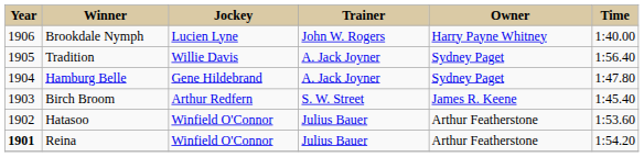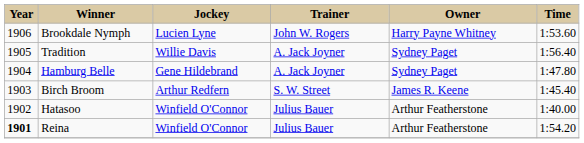 <table class="wikitable sortable">
 <tr>
 <th style="background-color:#DACAA5; width:38px">Year<br></th>
 <th style="background-color:#DACAA5; width:145px">Winner<br></th>
 <th style="background-color:#DACAA5; width:150px">Jockey<br></th>
 <th style="background-color:#DACAA5; width:150px">Trainer<br></th>
 <th style="background-color:#DACAA5; width:190px">Owner<br></th>
 <th style="background-color:#DACAA5">Time</th>
 </tr>
 <tr>
 <td>1906</td>
 <td>Brookdale Nymph</td>
 <td><a href='#'>Lucien Lyne</a></td>
 <td><a href='#'>John W. Rogers</a></td>
 <td><a href='#'>Harry Payne Whitney</a></td>
-<td>1:40.00</td>
+<td>1:53.60</td>
 </tr>
 <tr>
 <td>1905</td>
 <td>Tradition</td>
 <td><a href='#'>Willie Davis</a></td>
 <td><a href='#'>A. Jack Joyner</a></td>
 <td><a href='#'>Sydney Paget</a></td>
 <td>1:56.40</td>
 </tr>
 <tr>
 <td>1904</td>
 <td><a href='#'>Hamburg Belle</a></td>
 <td><a href='#'>Gene Hildebrand</a></td>
 <td><a href='#'>A. Jack Joyner</a></td>
 <td><a href='#'>Sydney Paget</a></td>
 <td>1:47.80</td>
 </tr>
 <tr>
 <td>1903</td>
 <td>Birch Broom</td>
 <td><a href='#'>Arthur Redfern</a></td>
 <td><a href='#'>S. W. Street</a></td>
 <td><a href='#'>James R. Keene</a></td>
 <td>1:45.40</td>
 </tr>
 <tr>
 <td>1902</td>
 <td>Hatasoo</td>
 <td><a href='#'>Winfield O'Connor</a></td>
 <td><a href='#'>Julius Bauer</a></td>
 <td>Arthur Featherstone</td>
-<td>1:53.60</td>
+<td>1:40.00</td>
 </tr>
 <tr>
 <td><strong>1901</strong></td>
 <td>Reina</td>
 <td><a href='#'>Winfield O'Connor</a></td>
 <td><a href='#'>Julius Bauer</a></td>
 <td>Arthur Featherstone</td>
 <td>1:54.20</td>
 </tr>
 <tr>
 </tr>
 </table>
